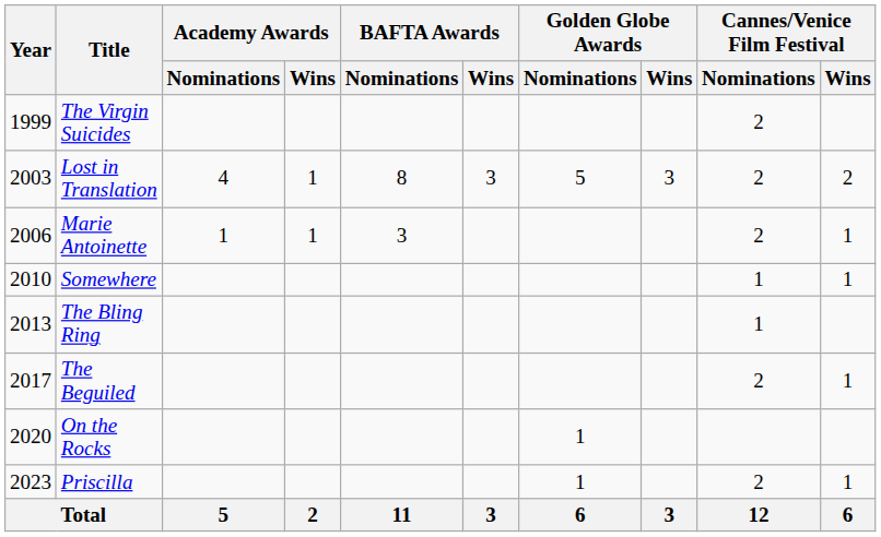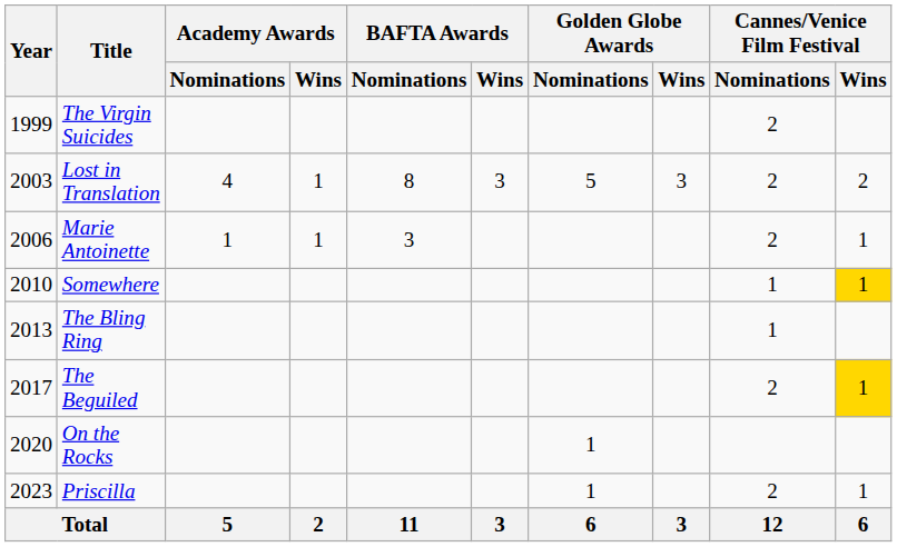 <table class="wikitable">
 <tr>
 <th rowspan="2">Year</th>
 <th rowspan="2">Title</th>
 <th colspan="2" width="160" style="text-align:center;">Academy Awards</th>
 <th colspan="2" width="160" style="text-align:center;">BAFTA Awards</th>
 <th colspan="2" width="160" style="text-align:center;">Golden Globe Awards</th>
 <th colspan="2">Cannes/Venice Film Festival</th>
 </tr>
 <tr>
 <th>Nominations</th>
 <th>Wins</th>
 <th>Nominations</th>
 <th>Wins</th>
 <th>Nominations</th>
 <th>Wins</th>
 <th>Nominations</th>
 <th>Wins</th>
 </tr>
 <tr>
 <td>1999</td>
 <td><em><a href='#'>The Virgin Suicides</a></em></td>
 <td></td>
 <td></td>
 <td></td>
 <td></td>
 <td></td>
 <td></td>
 <td align="center">2</td>
 <td></td>
 </tr>
 <tr>
 <td>2003</td>
 <td><em><a href='#'>Lost in Translation</a></em></td>
 <td align="center">4</td>
 <td align="center">1</td>
 <td align="center">8</td>
 <td align="center">3</td>
 <td align="center">5</td>
 <td align="center">3</td>
 <td align="center">2</td>
 <td align="center">2</td>
 </tr>
 <tr>
 <td>2006</td>
 <td><em><a href='#'>Marie Antoinette</a></em></td>
 <td align="center">1</td>
 <td align="center">1</td>
 <td align="center">3</td>
 <td></td>
 <td></td>
 <td></td>
 <td align="center">2</td>
 <td align="center">1</td>
 </tr>
 <tr>
 <td>2010</td>
 <td><em><a href='#'>Somewhere</a></em></td>
 <td></td>
 <td></td>
 <td></td>
 <td></td>
 <td></td>
 <td></td>
 <td align="center">1</td>
-<td align="center">1</td>
+<td align="center" style="background: gold;">1</td>
 </tr>
 <tr>
 <td>2013</td>
 <td><em><a href='#'>The Bling Ring</a></em></td>
 <td></td>
 <td></td>
 <td></td>
 <td></td>
 <td></td>
 <td></td>
 <td align="center">1</td>
 <td></td>
 </tr>
 <tr>
 <td>2017</td>
 <td><em><a href='#'>The Beguiled</a></em></td>
 <td></td>
 <td></td>
 <td></td>
 <td></td>
 <td></td>
 <td></td>
 <td align="center">2</td>
-<td align="center">1</td>
+<td align="center" style="background: gold;">1</td>
 </tr>
 <tr>
 <td>2020</td>
 <td><em><a href='#'>On the Rocks</a></em></td>
 <td></td>
 <td></td>
 <td></td>
 <td></td>
 <td align="center">1</td>
 <td></td>
 <td></td>
 <td></td>
 </tr>
 <tr>
 <td>2023</td>
 <td><em><a href='#'>Priscilla</a></em></td>
 <td></td>
 <td></td>
 <td></td>
 <td></td>
 <td align="center">1</td>
 <td></td>
 <td align="center">2</td>
 <td align="center">1</td>
 </tr>
 <tr>
 <th colspan="2">Total</th>
 <th align="center">5</th>
 <th align="center">2</th>
 <th align="center">11</th>
 <th align="center">3</th>
 <th align="center">6</th>
 <th align="center">3</th>
 <th>12</th>
 <th>6</th>
 </tr>
 </table>
